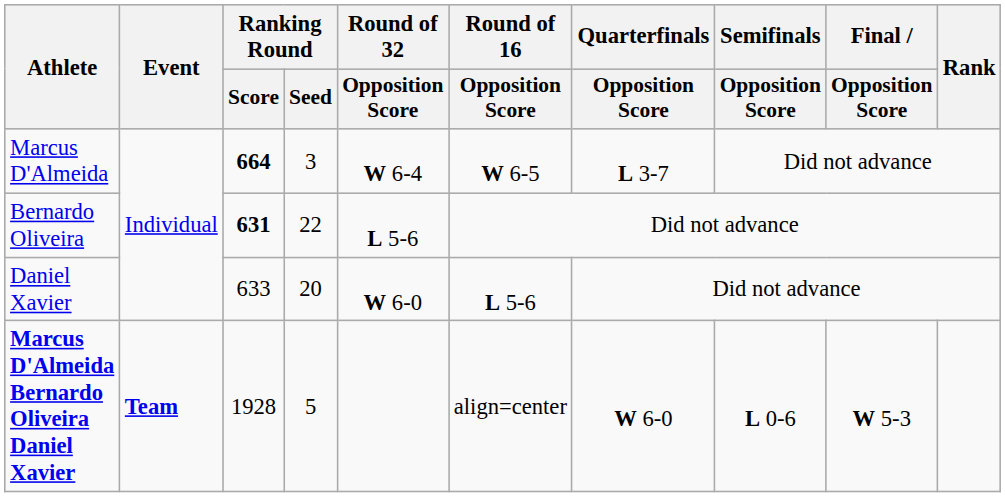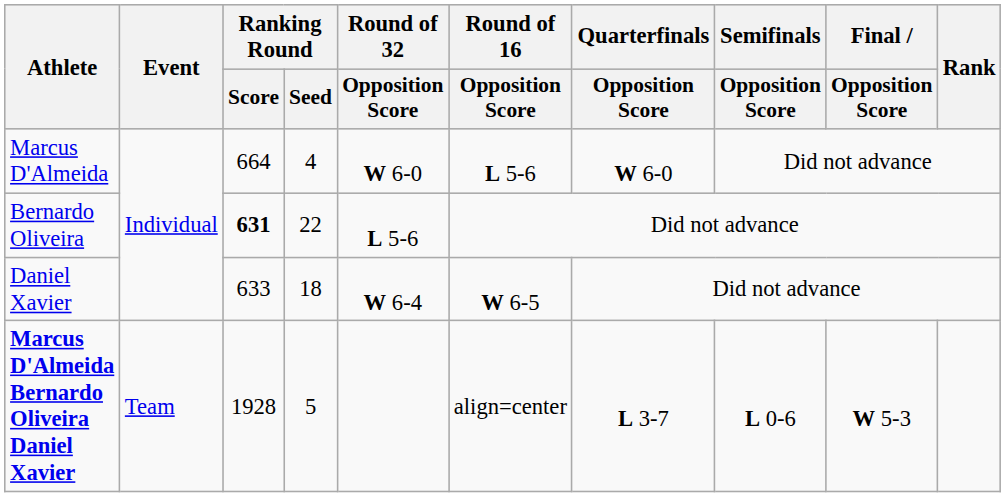 <table class="wikitable" style="font-size:90%">
 <tr>
 <th rowspan="2">Athlete</th>
 <th rowspan="2">Event</th>
 <th colspan="2">Ranking Round</th>
 <th>Round of 32</th>
 <th>Round of 16</th>
 <th>Quarterfinals</th>
 <th>Semifinals</th>
 <th>Final / </th>
 <th rowspan="2">Rank</th>
 </tr>
 <tr style="font-size:95%">
 <th>Score</th>
 <th>Seed</th>
 <th>Opposition<br>Score</th>
 <th>Opposition<br>Score</th>
 <th>Opposition<br>Score</th>
 <th>Opposition<br>Score</th>
 <th>Opposition<br>Score</th>
 </tr>
 <tr align=center>
 <td align=left><a href='#'>Marcus D'Almeida</a></td>
 <td align=left rowspan=3><a href='#'>Individual</a></td>
-<td><strong>664</strong></td>
-<td>3</td>
-<td><br><strong>W</strong> 6-4</td>
-<td><br><strong>W</strong> 6-5</td>
-<td><br><strong>L</strong> 3-7</td>
+<td>664</td>
+<td>4</td>
+<td><br><strong>W</strong> 6-0</td>
+<td><br><strong>L</strong> 5-6</td>
+<td><br><strong>W</strong> 6-0</td>
 <td align=center colspan=3>Did not advance</td>
 </tr>
 <tr align=center>
 <td align=left><a href='#'>Bernardo Oliveira</a></td>
 <td><strong>631</strong></td>
 <td>22</td>
 <td><br><strong>L</strong> 5-6</td>
 <td align=center colspan=5>Did not advance</td>
 </tr>
 <tr align=center>
 <td align=left><a href='#'>Daniel Xavier</a></td>
 <td>633</td>
-<td>20</td>
-<td><br><strong>W</strong> 6-0</td>
-<td><br><strong>L</strong> 5-6</td>
+<td>18</td>
+<td><br><strong>W</strong> 6-4</td>
+<td><br><strong>W</strong> 6-5</td>
 <td align=center colspan=4>Did not advance</td>
 </tr>
 <tr align=center>
 <td align=left><strong><a href='#'>Marcus D'Almeida</a></strong><br><strong><a href='#'>Bernardo Oliveira</a></strong><br><strong><a href='#'>Daniel Xavier</a></strong></td>
-<td align=left><strong><a href='#'>Team</a></strong></td>
+<td align=left><a href='#'>Team</a></td>
 <td>1928</td>
 <td>5</td>
 <td></td>
 <td>align=center </td>
-<td><br><strong>W</strong> 6-0</td>
+<td><br><strong>L</strong> 3-7</td>
 <td><br><strong>L</strong> 0-6</td>
 <td><br><strong>W</strong> 5-3</td>
 <td></td>
 </tr>
 </table>
